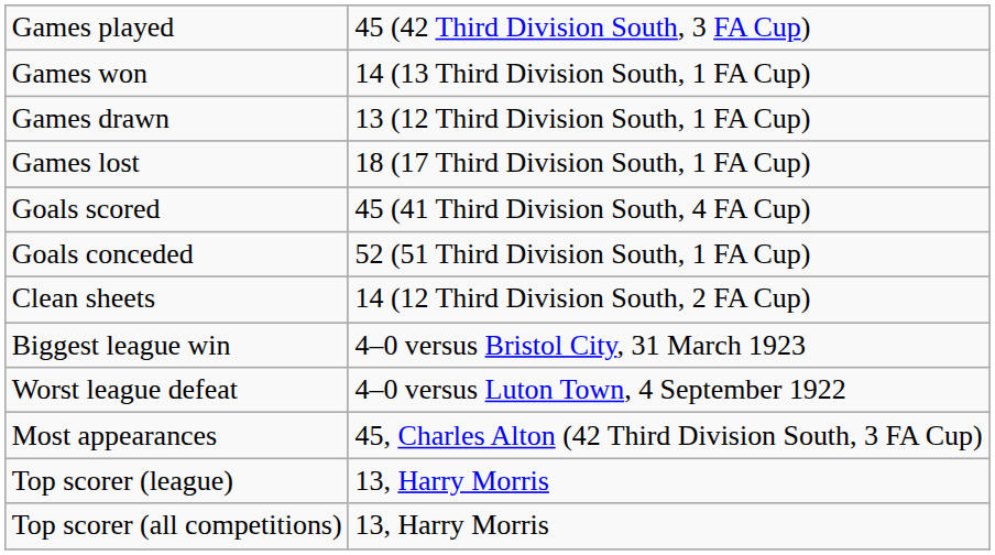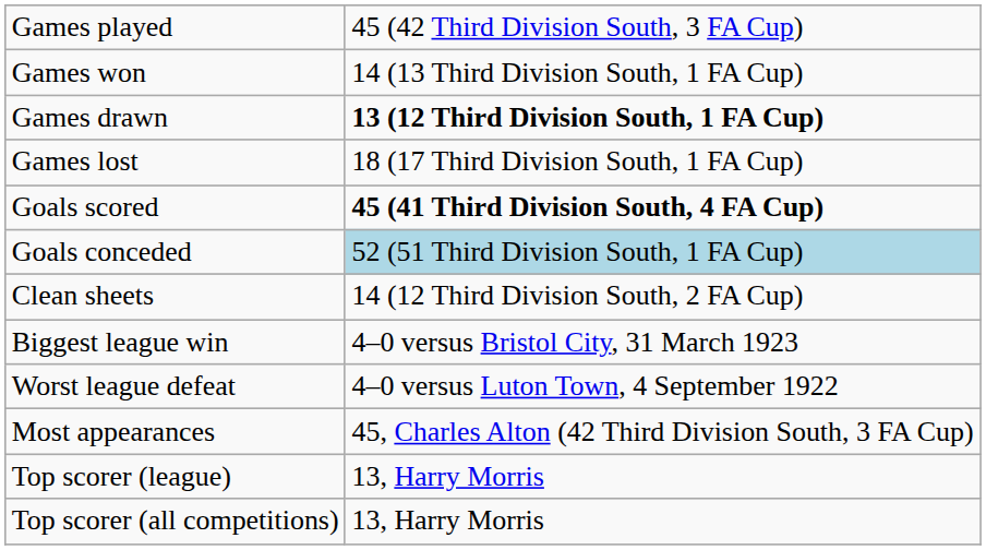 <table class="wikitable">
 <tr>
 <td>Games played</td>
 <td>45 (42 <a href='#'>Third Division South</a>, 3 <a href='#'>FA Cup</a>)</td>
 </tr>
 <tr>
 <td>Games won</td>
 <td>14 (13 Third Division South, 1 FA Cup)</td>
 </tr>
 <tr>
 <td>Games drawn</td>
-<td>13 (12 Third Division South, 1 FA Cup)</td>
+<td><strong>13 (12 Third Division South, 1 FA Cup)</strong></td>
 </tr>
 <tr>
 <td>Games lost</td>
 <td>18 (17 Third Division South, 1 FA Cup)</td>
 </tr>
 <tr>
 <td>Goals scored</td>
-<td>45 (41 Third Division South, 4 FA Cup)</td>
+<td><strong>45 (41 Third Division South, 4 FA Cup)</strong></td>
 </tr>
 <tr>
 <td>Goals conceded</td>
-<td>52 (51 Third Division South, 1 FA Cup)</td>
+<td style="background: lightblue;">52 (51 Third Division South, 1 FA Cup)</td>
 </tr>
 <tr>
 <td>Clean sheets</td>
 <td>14 (12 Third Division South, 2 FA Cup)</td>
 </tr>
 <tr>
 <td>Biggest league win</td>
 <td>4–0 versus <a href='#'>Bristol City</a>, 31 March 1923</td>
 </tr>
 <tr>
 <td>Worst league defeat</td>
 <td>4–0 versus <a href='#'>Luton Town</a>, 4 September 1922</td>
 </tr>
 <tr>
 <td>Most appearances</td>
 <td>45, <a href='#'>Charles Alton</a> (42 Third Division South, 3 FA Cup)</td>
 </tr>
 <tr>
 <td>Top scorer (league)</td>
 <td>13, <a href='#'>Harry Morris</a></td>
 </tr>
 <tr>
 <td>Top scorer (all competitions)</td>
 <td>13, Harry Morris</td>
 </tr>
 </table>
